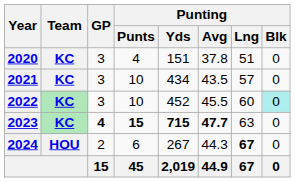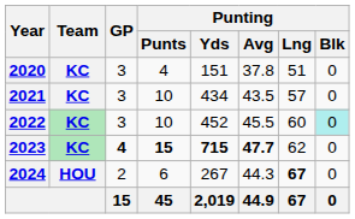 <table class="wikitable" style="text-align:center;">
 <tr>
 <th rowspan="2">Year</th>
 <th rowspan="2">Team</th>
 <th rowspan="2">GP</th>
 <th colspan="5">Punting</th>
 </tr>
 <tr>
 <th>Punts</th>
 <th>Yds</th>
 <th>Avg</th>
 <th>Lng</th>
 <th>Blk</th>
 </tr>
 <tr>
 <th><a href='#'>2020</a></th>
 <th><a href='#'>KC</a></th>
 <td>3</td>
 <td>4</td>
 <td>151</td>
 <td>37.8</td>
 <td>51</td>
 <td>0</td>
 </tr>
 <tr>
 <th><a href='#'>2021</a></th>
 <th><a href='#'>KC</a></th>
 <td>3</td>
 <td>10</td>
 <td>434</td>
 <td>43.5</td>
 <td>57</td>
 <td>0</td>
 </tr>
 <tr>
 <th><a href='#'>2022</a></th>
 <th style="background:#afe6ba; width:3em;"><a href='#'>KC</a></th>
 <td>3</td>
 <td>10</td>
 <td>452</td>
 <td>45.5</td>
 <td>60</td>
 <td style="background: paleturquoise;">0</td>
 </tr>
 <tr>
 <th><a href='#'>2023</a></th>
 <th style="background:#afe6ba; width:3em;"><a href='#'>KC</a></th>
 <td><strong>4</strong></td>
 <td><strong>15</strong></td>
 <td><strong>715</strong></td>
 <td><strong>47.7</strong></td>
-<td>63</td>
+<td>62</td>
 <td>0</td>
 </tr>
 <tr>
 <th><a href='#'>2024</a></th>
 <th><a href='#'>HOU</a></th>
 <td>2</td>
 <td>6</td>
 <td>267</td>
 <td>44.3</td>
 <td><strong>67</strong></td>
 <td>0</td>
 </tr>
 <tr>
 <th colspan="2"></th>
 <th>15</th>
 <th>45</th>
 <th>2,019</th>
 <th>44.9</th>
 <th>67</th>
 <th>0</th>
 </tr>
 </table>
